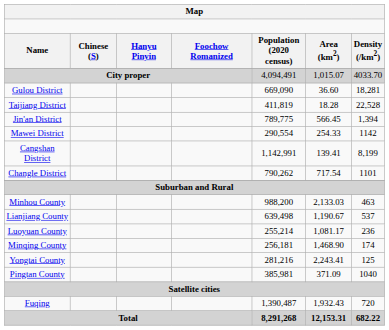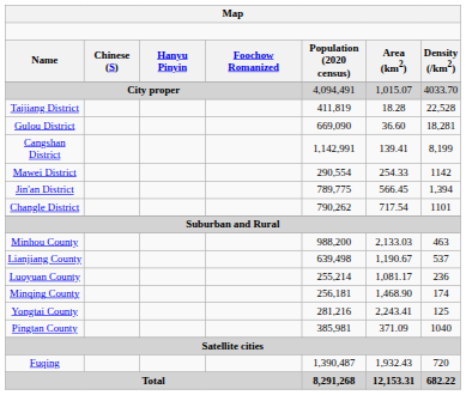 <table class="wikitable"  style="font-size:90%; margin:auto; text-align:center">
 <tr>
 <th colspan="7">Map</th>
 </tr>
 <tr>
 <td colspan="7"><div><br>                 </div></td>
 </tr>
 <tr>
 <th>Name</th>
 <th>Chinese (<a href='#'>S</a>)</th>
 <th><a href='#'>Hanyu Pinyin</a></th>
 <th><a href='#'>Foochow Romanized</a></th>
 <th>Population<br>(2020 census)</th>
 <th>Area (km<sup>2</sup>)</th>
 <th>Density<br>(/km<sup>2</sup>)</th>
 </tr>
 <tr>
 </tr>
 <tr style="background:#d3d3d3;">
 <td colspan="4" style="text-align:center;"><strong>City proper</strong></td>
 <td>4,094,491</td>
 <td>1,015.07</td>
 <td>4033.70</td>
 </tr>
 <tr>
+<td><a href='#'>Taijiang District</a></td>
+<td></td>
+<td></td>
+<td></td>
+<td>411,819</td>
+<td>18.28</td>
+<td>22,528</td>
+</tr>
+<tr>
 <td><a href='#'>Gulou District</a></td>
 <td></td>
 <td></td>
 <td></td>
 <td>669,090</td>
 <td>36.60</td>
 <td>18,281</td>
 </tr>
 <tr>
-<td><a href='#'>Taijiang District</a></td>
+<td><a href='#'>Cangshan District</a></td>
 <td></td>
 <td></td>
 <td></td>
-<td>411,819</td>
-<td>18.28</td>
-<td>22,528</td>
-</tr>
-<tr>
-<td><a href='#'>Jin'an District</a></td>
-<td></td>
-<td></td>
-<td></td>
-<td>789,775</td>
-<td>566.45</td>
-<td>1,394</td>
+<td>1,142,991</td>
+<td>139.41</td>
+<td>8,199</td>
 </tr>
 <tr>
 <td><a href='#'>Mawei District</a></td>
 <td></td>
 <td></td>
 <td></td>
 <td>290,554</td>
 <td>254.33</td>
 <td>1142</td>
 </tr>
 <tr>
-<td><a href='#'>Cangshan District</a></td>
+<td><a href='#'>Jin'an District</a></td>
 <td></td>
 <td></td>
 <td></td>
-<td>1,142,991</td>
-<td>139.41</td>
-<td>8,199</td>
+<td>789,775</td>
+<td>566.45</td>
+<td>1,394</td>
 </tr>
 <tr>
 <td><a href='#'>Changle District</a></td>
 <td></td>
 <td></td>
 <td></td>
 <td>790,262</td>
 <td>717.54</td>
 <td>1101</td>
 </tr>
 <tr>
 </tr>
 <tr style="background:#d3d3d3;">
 <td colspan="7" style="text-align:center; "><strong>Suburban and Rural</strong></td>
 </tr>
 <tr>
 <td><a href='#'>Minhou County</a></td>
 <td></td>
 <td></td>
 <td></td>
 <td>988,200</td>
 <td>2,133.03</td>
 <td>463</td>
 </tr>
 <tr>
 <td><a href='#'>Lianjiang County</a></td>
 <td></td>
 <td></td>
 <td></td>
 <td>639,498</td>
 <td>1,190.67</td>
 <td>537</td>
 </tr>
 <tr>
 <td><a href='#'>Luoyuan County</a></td>
 <td></td>
 <td></td>
 <td></td>
 <td>255,214</td>
 <td>1,081.17</td>
 <td>236</td>
 </tr>
 <tr>
 <td><a href='#'>Minqing County</a></td>
 <td></td>
 <td></td>
 <td></td>
 <td>256,181</td>
 <td>1,468.90</td>
 <td>174</td>
 </tr>
 <tr>
 <td><a href='#'>Yongtai County</a></td>
 <td></td>
 <td></td>
 <td></td>
 <td>281,216</td>
 <td>2,243.41</td>
 <td>125</td>
 </tr>
 <tr>
 <td><a href='#'>Pingtan County</a></td>
 <td></td>
 <td></td>
 <td></td>
 <td>385,981</td>
 <td>371.09</td>
 <td>1040</td>
 </tr>
 <tr style="background:#d3d3d3;">
 <td colspan="7" style="text-align:center; "><strong>Satellite cities</strong></td>
 </tr>
 <tr>
 <td><a href='#'>Fuqing</a></td>
 <td></td>
 <td></td>
 <td></td>
 <td>1,390,487</td>
 <td>1,932.43</td>
 <td>720</td>
 </tr>
 <tr style="background:#d3d3d3;">
 <td colspan="4" style="text-align:center; "><strong>Total</strong></td>
 <td><strong>8,291,268</strong></td>
 <td><strong>12,153.31</strong></td>
 <td><strong>682.22</strong></td>
 </tr>
 </table>
